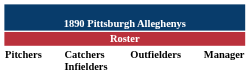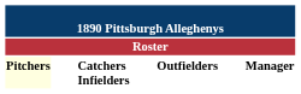 <table class="toccolours" style="font-size: 95%;">
 <tr>
 <th colspan="10" style="background-color: #083c6b; color: #FFFFFF; text-align: center;"><br>1890 Pittsburgh Alleghenys</th>
 </tr>
 <tr>
 <td colspan="10" style="background-color: #ba313c; color: white; text-align: center;"><strong>Roster</strong></td>
 </tr>
 <tr>
-<td valign="top"><strong>Pitchers</strong><br>                </td>
+<td valign="top" style="background: lightyellow;"><strong>Pitchers</strong><br>                </td>
 <td width="25px"></td>
 <td valign="top"><strong>Catchers</strong><br>  <strong>Infielders</strong>               </td>
 <td width="25px"></td>
 <td valign="top"><strong>Outfielders</strong><br>           </td>
 <td width="25px"></td>
 <td valign="top"><strong>Manager</strong><br></td>
 </tr>
 </table>
